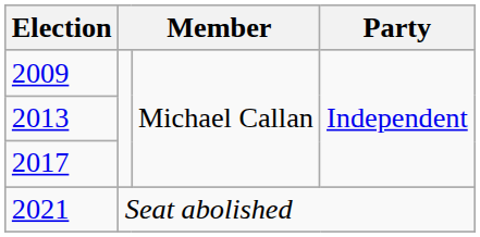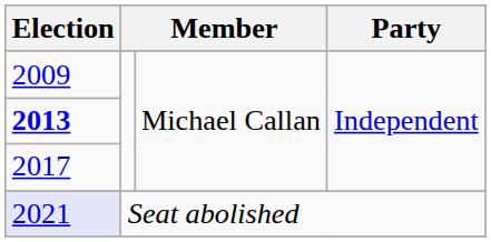 <table class="wikitable">
 <tr>
 <th>Election</th>
 <th colspan="2">Member</th>
 <th>Party</th>
 </tr>
 <tr>
 <td><a href='#'>2009</a></td>
 <td rowspan="3" style="background-color: "></td>
 <td rowspan="3">Michael Callan</td>
 <td rowspan="3"><a href='#'>Independent</a></td>
 </tr>
 <tr>
-<td><a href='#'>2013</a></td>
+<td><strong><a href='#'>2013</a></strong></td>
 </tr>
 <tr>
 <td><a href='#'>2017</a></td>
 </tr>
 <tr>
-<td><a href='#'>2021</a></td>
+<td style="background: lavender;"><a href='#'>2021</a></td>
 <td colspan="3"><em>Seat abolished</em></td>
 </tr>
 </table>
